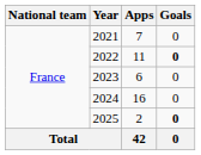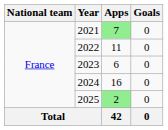 <table class="wikitable" style="text-align: center;">
 <tr>
 <th>National team</th>
 <th>Year</th>
 <th>Apps</th>
 <th>Goals</th>
 </tr>
 <tr>
 <td rowspan="5"><a href='#'>France</a></td>
 <td>2021</td>
-<td>7</td>
+<td style="background: lightgreen;">7</td>
 <td>0</td>
 </tr>
 <tr>
 <td>2022</td>
 <td>11</td>
-<td><strong>0</strong></td>
+<td>0</td>
 </tr>
 <tr>
 <td>2023</td>
 <td>6</td>
 <td>0</td>
 </tr>
 <tr>
 <td>2024</td>
 <td>16</td>
 <td>0</td>
 </tr>
 <tr>
 <td>2025</td>
-<td>2</td>
-<td><strong>0</strong></td>
+<td style="background: lightgreen;">2</td>
+<td>0</td>
 </tr>
 <tr>
 <th colspan="2">Total</th>
 <th>42</th>
 <th>0</th>
 </tr>
 </table>
